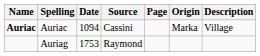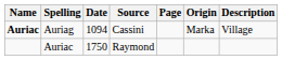 <table class="wikitable">
 <tr>
 <th>Name</th>
 <th>Spelling</th>
 <th>Date</th>
 <th>Source</th>
 <th>Page</th>
 <th>Origin</th>
 <th>Description</th>
 </tr>
 <tr>
 <td><strong>Auriac</strong></td>
-<td>Auriac</td>
+<td>Auriag</td>
 <td>1094</td>
 <td>Cassini</td>
 <td></td>
 <td>Marka</td>
 <td>Village</td>
 </tr>
 <tr>
 <td></td>
-<td>Auriag</td>
-<td>1753</td>
+<td>Auriac</td>
+<td>1750</td>
 <td>Raymond</td>
 <td></td>
 <td></td>
 <td></td>
 </tr>
 </table>
